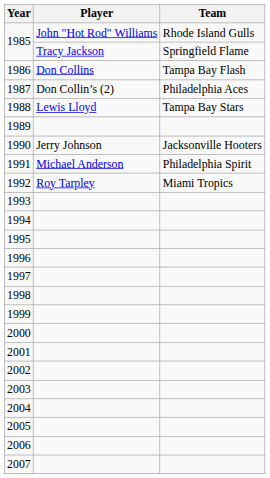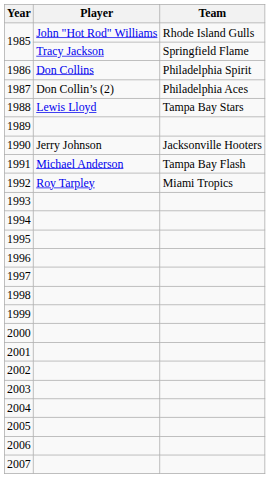 <table class="wikitable">
 <tr>
 <th>Year</th>
 <th>Player</th>
 <th>Team</th>
 </tr>
 <tr>
 <td rowspan="2">1985</td>
 <td><a href='#'>John "Hot Rod" Williams</a></td>
 <td>Rhode Island Gulls</td>
 </tr>
 <tr>
 <td><a href='#'>Tracy Jackson</a></td>
 <td>Springfield Flame</td>
 </tr>
 <tr>
 <td>1986</td>
 <td><a href='#'>Don Collins</a></td>
-<td>Tampa Bay Flash</td>
+<td>Philadelphia Spirit</td>
 </tr>
 <tr>
 <td>1987</td>
 <td>Don Collin’s (2)</td>
 <td>Philadelphia Aces</td>
 </tr>
 <tr>
 <td>1988</td>
 <td><a href='#'>Lewis Lloyd</a></td>
 <td>Tampa Bay Stars</td>
 </tr>
 <tr>
 <td>1989</td>
 <td></td>
 <td></td>
 </tr>
 <tr>
 <td>1990</td>
 <td>Jerry Johnson</td>
 <td>Jacksonville Hooters</td>
 </tr>
 <tr>
 <td>1991</td>
 <td><a href='#'>Michael Anderson</a></td>
-<td>Philadelphia Spirit</td>
+<td>Tampa Bay Flash</td>
 </tr>
 <tr>
 <td>1992</td>
 <td><a href='#'>Roy Tarpley</a></td>
 <td>Miami Tropics</td>
 </tr>
 <tr>
 <td>1993</td>
 <td></td>
 <td></td>
 </tr>
 <tr>
 <td>1994</td>
 <td></td>
 <td></td>
 </tr>
 <tr>
 <td>1995</td>
 <td></td>
 <td></td>
 </tr>
 <tr>
 <td>1996</td>
 <td></td>
 <td></td>
 </tr>
 <tr>
 <td>1997</td>
 <td></td>
 <td></td>
 </tr>
 <tr>
 <td>1998</td>
 <td></td>
 <td></td>
 </tr>
 <tr>
 <td>1999</td>
 <td></td>
 <td></td>
 </tr>
 <tr>
 <td>2000</td>
 <td></td>
 <td></td>
 </tr>
 <tr>
 <td>2001</td>
 <td></td>
 <td></td>
 </tr>
 <tr>
 <td>2002</td>
 <td></td>
 <td></td>
 </tr>
 <tr>
 <td>2003</td>
 <td></td>
 <td></td>
 </tr>
 <tr>
 <td>2004</td>
 <td></td>
 <td></td>
 </tr>
 <tr>
 <td>2005</td>
 <td></td>
 <td></td>
 </tr>
 <tr>
 <td>2006</td>
 <td></td>
 <td></td>
 </tr>
 <tr>
 <td>2007</td>
 <td></td>
 <td></td>
 </tr>
 </table>
